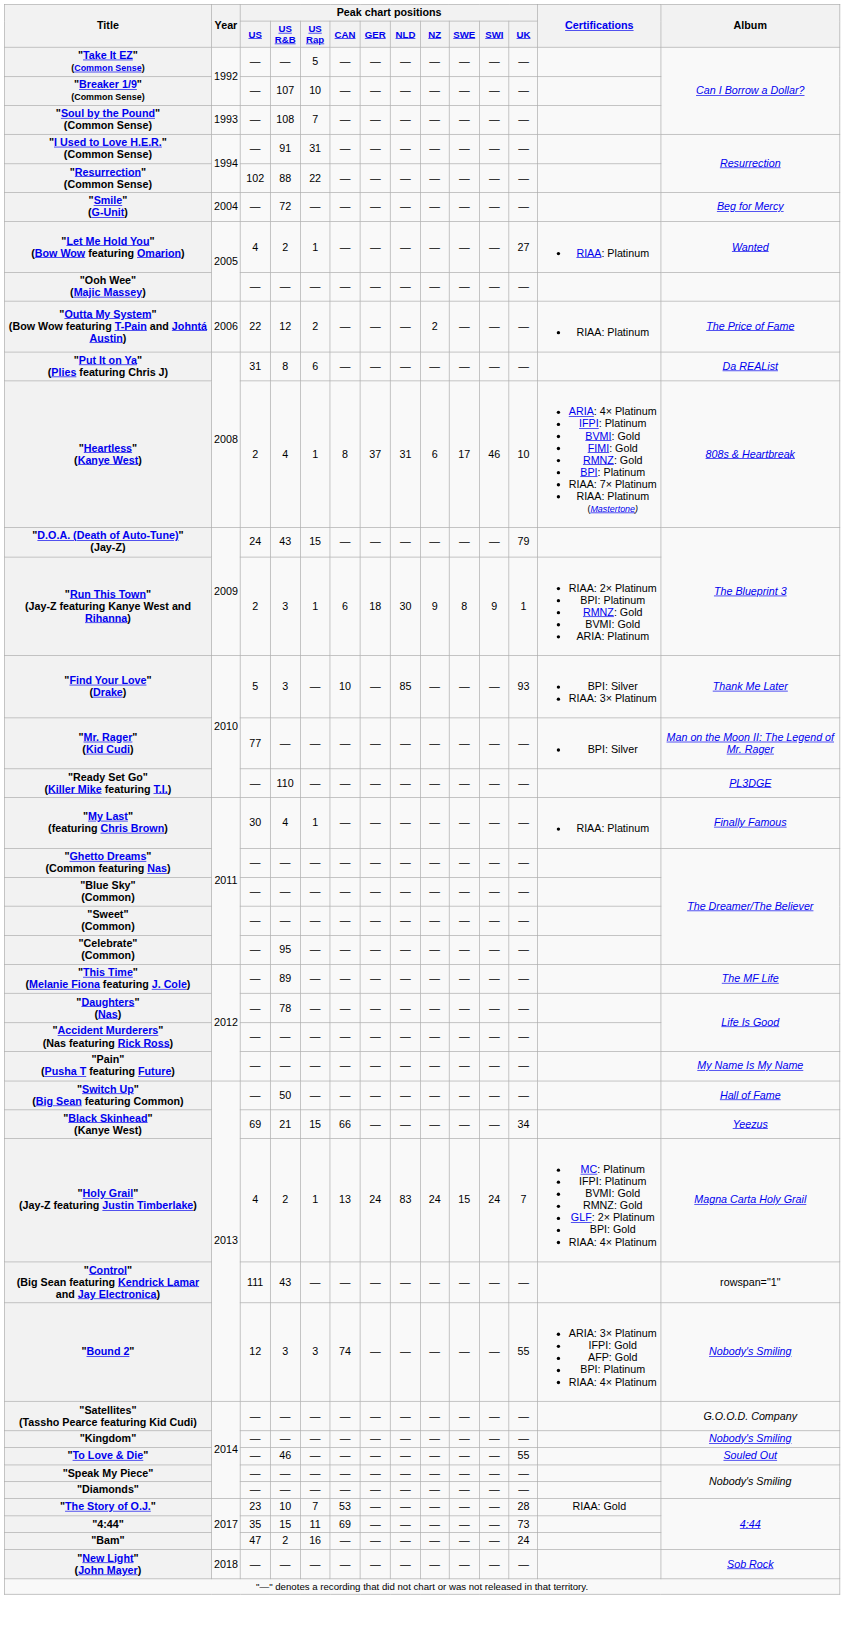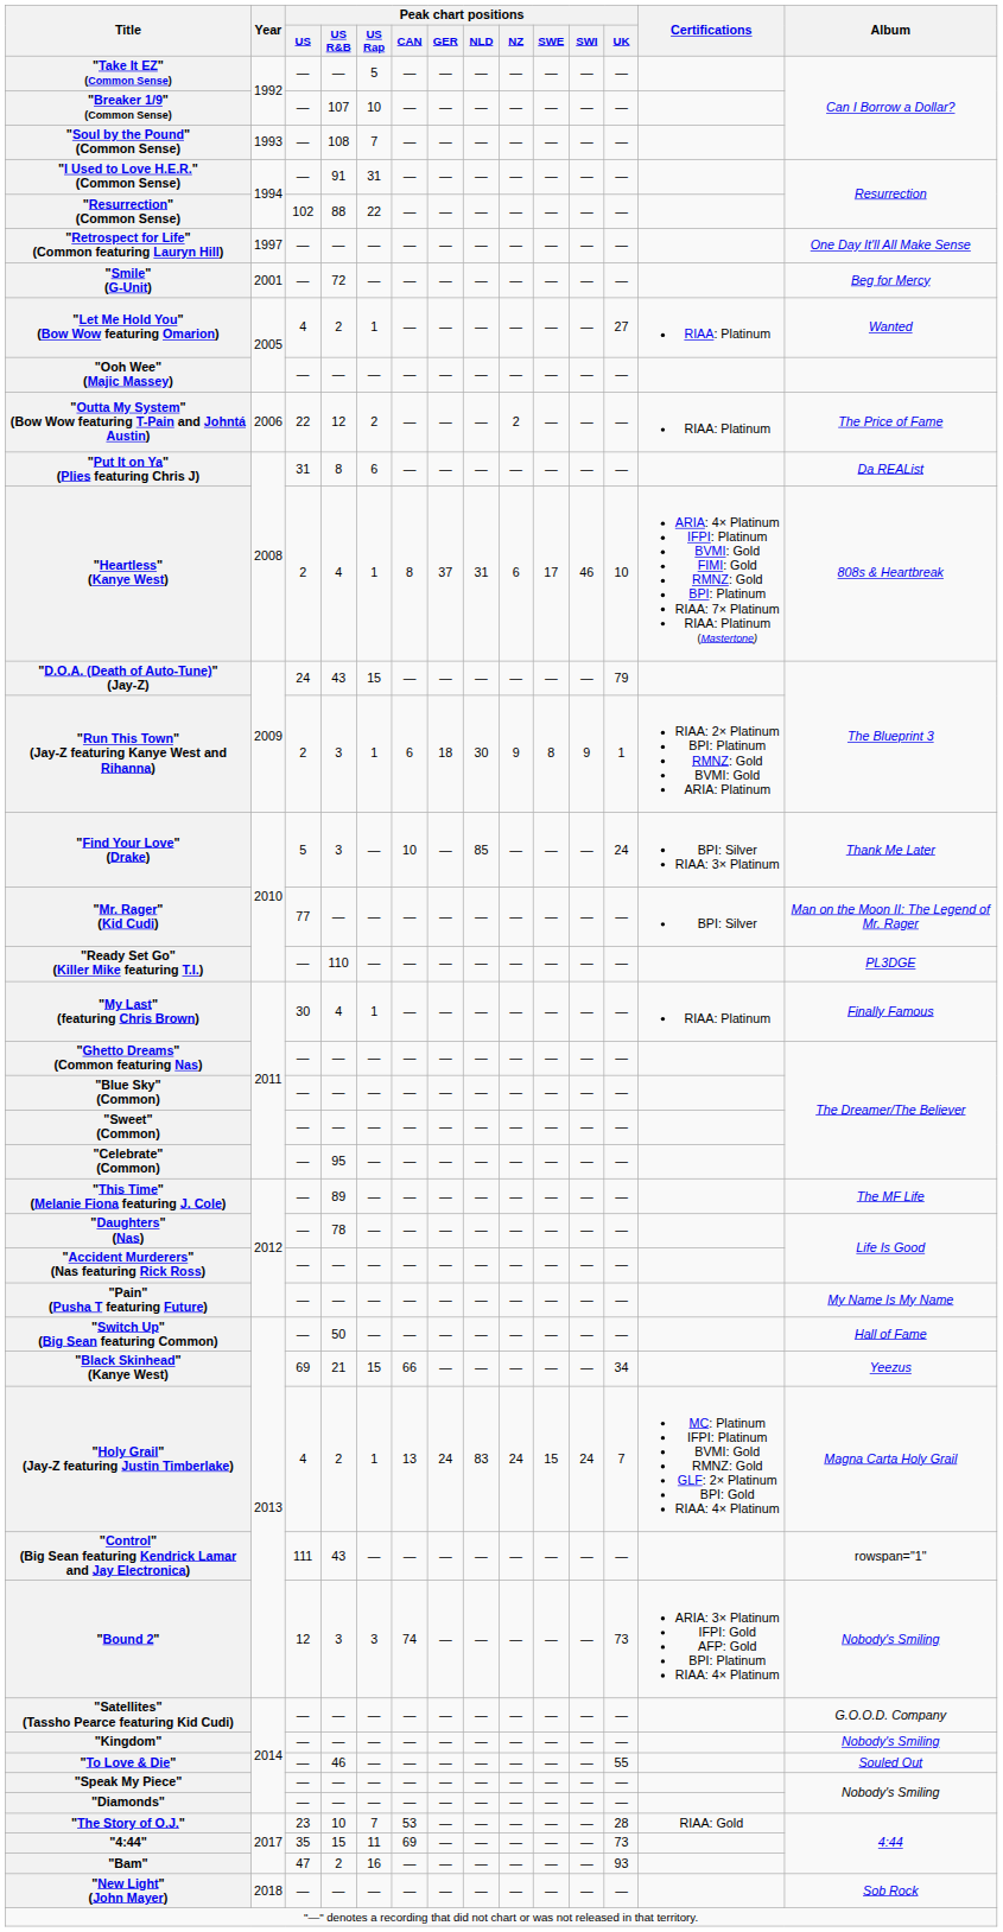 <table class="wikitable plainrowheaders" style="text-align:center;">
 <tr>
 <th scope="col" rowspan="2" style="width:22em;">Title</th>
 <th scope="col" rowspan="2">Year</th>
 <th scope="col" colspan="10">Peak chart positions</th>
 <th scope="col" rowspan="2" style="width:12em;"><a href='#'>Certifications</a></th>
 <th scope="col" rowspan="2" style="width:19em;">Album</th>
 </tr>
 <tr>
 <th scope="col" style="width:2.8em;font-size:90%;"><a href='#'>US</a></th>
 <th scope="col" style="width:2.8em;font-size:90%;"><a href='#'>US<br>R&B</a></th>
 <th scope="col" style="width:2.8em;font-size:90%;"><a href='#'>US<br>Rap</a></th>
 <th scope="col" style="width:2.8em;font-size:90%;"><a href='#'>CAN</a></th>
 <th scope="col" style="width:2.8em;font-size:90%;"><a href='#'>GER</a></th>
 <th scope="col" style="width:2.8em;font-size:90%;"><a href='#'>NLD</a></th>
 <th scope="col" style="width:2.8em;font-size:90%;"><a href='#'>NZ</a></th>
 <th scope="col" style="width:2.8em;font-size:90%;"><a href='#'>SWE</a></th>
 <th scope="col" style="width:2.8em;font-size:90%;"><a href='#'>SWI</a></th>
 <th scope="col" style="width:2.8em;font-size:90%;"><a href='#'>UK</a></th>
 </tr>
 <tr>
 <th scope="row">"<a href='#'>Take It EZ</a>"<br><small>(<a href='#'>Common Sense</a>)</small></th>
 <td rowspan="2">1992</td>
 <td>—</td>
 <td>—</td>
 <td>5</td>
 <td>—</td>
 <td>—</td>
 <td>—</td>
 <td>—</td>
 <td>—</td>
 <td>—</td>
 <td>—</td>
 <td></td>
 <td rowspan="3"><em><a href='#'>Can I Borrow a Dollar?</a></em></td>
 </tr>
 <tr>
 <th scope="row">"<a href='#'>Breaker 1/9</a>"<br><small>(Common Sense)</small></th>
 <td>—</td>
 <td>107</td>
 <td>10</td>
 <td>—</td>
 <td>—</td>
 <td>—</td>
 <td>—</td>
 <td>—</td>
 <td>—</td>
 <td>—</td>
 <td></td>
 </tr>
 <tr>
 <th scope="row">"<a href='#'>Soul by the Pound</a>"<br><span>(Common Sense)</span></th>
 <td>1993</td>
 <td>—</td>
 <td>108</td>
 <td>7</td>
 <td>—</td>
 <td>—</td>
 <td>—</td>
 <td>—</td>
 <td>—</td>
 <td>—</td>
 <td>—</td>
 <td></td>
 </tr>
 <tr>
 <th scope="row">"<a href='#'>I Used to Love H.E.R.</a>"<br><span>(Common Sense)</span></th>
 <td rowspan="2">1994</td>
 <td>—</td>
 <td>91</td>
 <td>31</td>
 <td>—</td>
 <td>—</td>
 <td>—</td>
 <td>—</td>
 <td>—</td>
 <td>—</td>
 <td>—</td>
 <td></td>
 <td rowspan="2"><em><a href='#'>Resurrection</a></em></td>
 </tr>
 <tr>
 <th scope="row">"<a href='#'>Resurrection</a>"<br><span>(Common Sense)</span></th>
 <td>102</td>
 <td>88</td>
 <td>22</td>
 <td>—</td>
 <td>—</td>
 <td>—</td>
 <td>—</td>
 <td>—</td>
 <td>—</td>
 <td>—</td>
 <td></td>
 </tr>
 <tr>
+<th scope="row">"<a href='#'>Retrospect for Life</a>"<br><span>(Common featuring <a href='#'>Lauryn Hill</a>)</span></th>
+<td>1997</td>
+<td>—</td>
+<td>—</td>
+<td>—</td>
+<td>—</td>
+<td>—</td>
+<td>—</td>
+<td>—</td>
+<td>—</td>
+<td>—</td>
+<td>—</td>
+<td></td>
+<td><em><a href='#'>One Day It'll All Make Sense</a></em></td>
+</tr>
+<tr>
 <th scope="row">"<a href='#'>Smile</a>"<br><span>(<a href='#'>G-Unit</a>)</span></th>
-<td>2004</td>
+<td>2001</td>
 <td>—</td>
 <td>72</td>
 <td>—</td>
 <td>—</td>
 <td>—</td>
 <td>—</td>
 <td>—</td>
 <td>—</td>
 <td>—</td>
 <td>—</td>
 <td></td>
 <td><em><a href='#'>Beg for Mercy</a></em></td>
 </tr>
 <tr>
 <th scope="row">"<a href='#'>Let Me Hold You</a>"<br><span>(<a href='#'>Bow Wow</a> featuring <a href='#'>Omarion</a>)</span></th>
 <td rowspan="2">2005</td>
 <td>4</td>
 <td>2</td>
 <td>1</td>
 <td>—</td>
 <td>—</td>
 <td>—</td>
 <td>—</td>
 <td>—</td>
 <td>—</td>
 <td>27</td>
 <td><br><ul><li><a href='#'>RIAA</a>: Platinum</li></ul></td>
 <td><em><a href='#'>Wanted</a></em></td>
 </tr>
 <tr>
 <th scope="row">"Ooh Wee"<br><span>(<a href='#'>Majic Massey</a>)</span></th>
 <td>—</td>
 <td>—</td>
 <td>—</td>
 <td>—</td>
 <td>—</td>
 <td>—</td>
 <td>—</td>
 <td>—</td>
 <td>—</td>
 <td>—</td>
 <td></td>
 <td></td>
 </tr>
 <tr>
 <th scope="row">"<a href='#'>Outta My System</a>"<br><span>(Bow Wow featuring <a href='#'>T-Pain</a> and <a href='#'>Johntá Austin</a>)</span></th>
 <td>2006</td>
 <td>22</td>
 <td>12</td>
 <td>2</td>
 <td>—</td>
 <td>—</td>
 <td>—</td>
 <td>2</td>
 <td>—</td>
 <td>—</td>
 <td>—</td>
 <td><br><ul><li>RIAA: Platinum</li></ul></td>
 <td><em><a href='#'>The Price of Fame</a></em></td>
 </tr>
 <tr>
 <th scope="row">"<a href='#'>Put It on Ya</a>"<br><span>(<a href='#'>Plies</a> featuring Chris J)</span></th>
 <td rowspan="2">2008</td>
 <td>31</td>
 <td>8</td>
 <td>6</td>
 <td>—</td>
 <td>—</td>
 <td>—</td>
 <td>—</td>
 <td>—</td>
 <td>—</td>
 <td>—</td>
 <td></td>
 <td><em><a href='#'>Da REAList</a></em></td>
 </tr>
 <tr>
 <th scope="row">"<a href='#'>Heartless</a>"<br><span>(<a href='#'>Kanye West</a>)</span></th>
 <td>2</td>
 <td>4</td>
 <td>1</td>
 <td>8</td>
 <td>37</td>
 <td>31</td>
 <td>6</td>
 <td>17</td>
 <td>46</td>
 <td>10</td>
 <td><br><ul><li><a href='#'>ARIA</a>: 4× Platinum</li><li><a href='#'>IFPI</a>: Platinum</li><li><a href='#'>BVMI</a>: Gold</li><li><a href='#'>FIMI</a>: Gold</li><li><a href='#'>RMNZ</a>: Gold</li><li><a href='#'>BPI</a>: Platinum</li><li>RIAA: 7× Platinum</li><li>RIAA: Platinum          <small>(<em><a href='#'>Mastertone</a>)</em></small></li></ul></td>
 <td><em><a href='#'>808s & Heartbreak</a></em></td>
 </tr>
 <tr>
 <th scope="row">"<a href='#'>D.O.A. (Death of Auto-Tune)</a>"<br><span>(Jay-Z)</span></th>
 <td rowspan="2">2009</td>
 <td>24</td>
 <td>43</td>
 <td>15</td>
 <td>—</td>
 <td>—</td>
 <td>—</td>
 <td>—</td>
 <td>—</td>
 <td>—</td>
 <td>79</td>
 <td></td>
 <td rowspan="2"><em><a href='#'>The Blueprint 3</a></em></td>
 </tr>
 <tr>
 <th scope="row">"<a href='#'>Run This Town</a>"<br><span>(Jay-Z featuring Kanye West and <a href='#'>Rihanna</a>)</span></th>
 <td>2</td>
 <td>3</td>
 <td>1</td>
 <td>6</td>
 <td>18</td>
 <td>30</td>
 <td>9</td>
 <td>8</td>
 <td>9</td>
 <td>1</td>
 <td><br><ul><li>RIAA: 2× Platinum</li><li>BPI: Platinum</li><li><a href='#'>RMNZ</a>: Gold</li><li>BVMI: Gold</li><li>ARIA: Platinum</li></ul></td>
 </tr>
 <tr>
 <th scope="row">"<a href='#'>Find Your Love</a>"<br><span>(<a href='#'>Drake</a>)</span></th>
 <td rowspan="3">2010</td>
 <td>5</td>
 <td>3</td>
 <td>—</td>
 <td>10</td>
 <td>—</td>
 <td>85</td>
 <td>—</td>
 <td>—</td>
 <td>—</td>
-<td>93</td>
+<td>24</td>
 <td><br><ul><li>BPI: Silver</li><li>RIAA: 3× Platinum</li></ul></td>
 <td><em><a href='#'>Thank Me Later</a></em></td>
 </tr>
 <tr>
 <th scope="row">"<a href='#'>Mr. Rager</a>"<br><span>(<a href='#'>Kid Cudi</a>)</span></th>
 <td>77</td>
 <td>—</td>
 <td>—</td>
 <td>—</td>
 <td>—</td>
 <td>—</td>
 <td>—</td>
 <td>—</td>
 <td>—</td>
 <td>—</td>
 <td><br><ul><li>BPI: Silver</li></ul></td>
 <td><em><a href='#'>Man on the Moon II: The Legend of Mr. Rager</a></em></td>
 </tr>
 <tr>
 <th scope="row">"Ready Set Go"<br><span>(<a href='#'>Killer Mike</a> featuring <a href='#'>T.I.</a>)</span></th>
 <td>—</td>
 <td>110</td>
 <td>—</td>
 <td>—</td>
 <td>—</td>
 <td>—</td>
 <td>—</td>
 <td>—</td>
 <td>—</td>
 <td>—</td>
 <td></td>
 <td><em><a href='#'>PL3DGE</a></em></td>
 </tr>
 <tr>
 <th scope="row">"<a href='#'>My Last</a>"<br><span>(featuring <a href='#'>Chris Brown</a>)</span></th>
 <td rowspan="5">2011</td>
 <td>30</td>
 <td>4</td>
 <td>1</td>
 <td>—</td>
 <td>—</td>
 <td>—</td>
 <td>—</td>
 <td>—</td>
 <td>—</td>
 <td>—</td>
 <td><br><ul><li>RIAA: Platinum</li></ul></td>
 <td><em><a href='#'>Finally Famous</a></em></td>
 </tr>
 <tr>
 <th scope="row">"<a href='#'>Ghetto Dreams</a>"<br><span>(Common featuring <a href='#'>Nas</a>)</span></th>
 <td>—</td>
 <td>—</td>
 <td>—</td>
 <td>—</td>
 <td>—</td>
 <td>—</td>
 <td>—</td>
 <td>—</td>
 <td>—</td>
 <td>—</td>
 <td></td>
 <td rowspan="4"><em><a href='#'>The Dreamer/The Believer</a></em></td>
 </tr>
 <tr>
 <th scope="row">"Blue Sky"<br><span>(Common)</span></th>
 <td>—</td>
 <td>—</td>
 <td>—</td>
 <td>—</td>
 <td>—</td>
 <td>—</td>
 <td>—</td>
 <td>—</td>
 <td>—</td>
 <td>—</td>
 <td></td>
 </tr>
 <tr>
 <th scope="row">"Sweet"<br><span>(Common)</span></th>
 <td>—</td>
 <td>—</td>
 <td>—</td>
 <td>—</td>
 <td>—</td>
 <td>—</td>
 <td>—</td>
 <td>—</td>
 <td>—</td>
 <td>—</td>
 <td></td>
 </tr>
 <tr>
 <th scope="row">"Celebrate"<br><span>(Common)</span></th>
 <td>—</td>
 <td>95</td>
 <td>—</td>
 <td>—</td>
 <td>—</td>
 <td>—</td>
 <td>—</td>
 <td>—</td>
 <td>—</td>
 <td>—</td>
 <td></td>
 </tr>
 <tr>
 <th scope="row">"<a href='#'>This Time</a>"<br><span>(<a href='#'>Melanie Fiona</a> featuring <a href='#'>J. Cole</a>)</span></th>
 <td rowspan="4">2012</td>
 <td>—</td>
 <td>89</td>
 <td>—</td>
 <td>—</td>
 <td>—</td>
 <td>—</td>
 <td>—</td>
 <td>—</td>
 <td>—</td>
 <td>—</td>
 <td></td>
 <td><em><a href='#'>The MF Life</a></em></td>
 </tr>
 <tr>
 <th scope="row">"<a href='#'>Daughters</a>"<br><span>(<a href='#'>Nas</a>)</span></th>
 <td>—</td>
 <td>78</td>
 <td>—</td>
 <td>—</td>
 <td>—</td>
 <td>—</td>
 <td>—</td>
 <td>—</td>
 <td>—</td>
 <td>—</td>
 <td></td>
 <td rowspan="2"><em><a href='#'>Life Is Good</a></em></td>
 </tr>
 <tr>
 <th scope="row">"<a href='#'>Accident Murderers</a>"<br><span>(Nas featuring <a href='#'>Rick Ross</a>)</span></th>
 <td>—</td>
 <td>—</td>
 <td>—</td>
 <td>—</td>
 <td>—</td>
 <td>—</td>
 <td>—</td>
 <td>—</td>
 <td>—</td>
 <td>—</td>
 <td></td>
 </tr>
 <tr>
 <th scope="row">"Pain"<br><span>(<a href='#'>Pusha T</a> featuring <a href='#'>Future</a>)</span></th>
 <td>—</td>
 <td>—</td>
 <td>—</td>
 <td>—</td>
 <td>—</td>
 <td>—</td>
 <td>—</td>
 <td>—</td>
 <td>—</td>
 <td>—</td>
 <td></td>
 <td><em><a href='#'>My Name Is My Name</a></em></td>
 </tr>
 <tr>
 <th scope="row">"<a href='#'>Switch Up</a>"<br><span>(<a href='#'>Big Sean</a> featuring Common)</span></th>
 <td rowspan="5">2013</td>
 <td>—</td>
 <td>50</td>
 <td>—</td>
 <td>—</td>
 <td>—</td>
 <td>—</td>
 <td>—</td>
 <td>—</td>
 <td>—</td>
 <td>—</td>
 <td></td>
 <td><em><a href='#'>Hall of Fame</a></em></td>
 </tr>
 <tr>
 <th scope="row">"<a href='#'>Black Skinhead</a>"<br><span>(Kanye West)</span></th>
 <td>69</td>
 <td>21</td>
 <td>15</td>
 <td>66</td>
 <td>—</td>
 <td>—</td>
 <td>—</td>
 <td>—</td>
 <td>—</td>
 <td>34</td>
 <td></td>
 <td><em><a href='#'>Yeezus</a></em></td>
 </tr>
 <tr>
 <th scope="row">"<a href='#'>Holy Grail</a>"<br><span>(Jay-Z featuring <a href='#'>Justin Timberlake</a>)</span></th>
 <td>4</td>
 <td>2</td>
 <td>1</td>
 <td>13</td>
 <td>24</td>
 <td>83</td>
 <td>24</td>
 <td>15</td>
 <td>24</td>
 <td>7</td>
 <td><br><ul><li><a href='#'>MC</a>: Platinum</li><li>IFPI: Platinum</li><li>BVMI: Gold</li><li>RMNZ: Gold</li><li><a href='#'>GLF</a>: 2× Platinum</li><li>BPI: Gold</li><li>RIAA: 4× Platinum</li></ul></td>
 <td><em><a href='#'>Magna Carta Holy Grail</a></em></td>
 </tr>
 <tr>
 <th scope="row">"<a href='#'>Control</a>"<br><span>(Big Sean featuring <a href='#'>Kendrick Lamar</a> and <a href='#'>Jay Electronica</a>)</span></th>
 <td>111</td>
 <td>43</td>
 <td>—</td>
 <td>—</td>
 <td>—</td>
 <td>—</td>
 <td>—</td>
 <td>—</td>
 <td>—</td>
 <td>—</td>
 <td></td>
 <td>rowspan="1" </td>
 </tr>
 <tr>
 <th scope="row">"<a href='#'>Bound 2</a>"</th>
 <td>12</td>
 <td>3</td>
 <td>3</td>
 <td>74</td>
 <td>—</td>
 <td>—</td>
 <td>—</td>
 <td>—</td>
 <td>—</td>
-<td>55</td>
+<td>73</td>
 <td><br><ul><li>ARIA: 3× Platinum</li><li>IFPI: Gold</li><li>AFP: Gold</li><li>BPI: Platinum</li><li>RIAA: 4× Platinum</li></ul></td>
 <td><em><a href='#'>Nobody's Smiling</a></em></td>
 </tr>
 <tr>
 <th scope="row">"Satellites"<br><span>(Tassho Pearce featuring Kid Cudi)</span></th>
 <td rowspan="5">2014</td>
 <td>—</td>
 <td>—</td>
 <td>—</td>
 <td>—</td>
 <td>—</td>
 <td>—</td>
 <td>—</td>
 <td>—</td>
 <td>—</td>
 <td>—</td>
 <td></td>
 <td><em>G.O.O.D. Company</em></td>
 </tr>
 <tr>
 <th scope="row">"Kingdom"<br></th>
 <td>—</td>
 <td>—</td>
 <td>—</td>
 <td>—</td>
 <td>—</td>
 <td>—</td>
 <td>—</td>
 <td>—</td>
 <td>—</td>
 <td>—</td>
 <td></td>
 <td><em><a href='#'>Nobody's Smiling</a></em></td>
 </tr>
 <tr>
 <th scope="row">"<a href='#'>To Love & Die</a>"<br></th>
 <td>—</td>
 <td>46</td>
 <td>—</td>
 <td>—</td>
 <td>—</td>
 <td>—</td>
 <td>—</td>
 <td>—</td>
 <td>—</td>
 <td>55</td>
 <td></td>
 <td><a href='#'><em>Souled Out</em></a></td>
 </tr>
 <tr>
 <th scope="row">"Speak My Piece"<br></th>
 <td>—</td>
 <td>—</td>
 <td>—</td>
 <td>—</td>
 <td>—</td>
 <td>—</td>
 <td>—</td>
 <td>—</td>
 <td>—</td>
 <td>—</td>
 <td></td>
 <td rowspan="2"><em>Nobody's Smiling</em></td>
 </tr>
 <tr>
 <th scope="row">"Diamonds"<br></th>
 <td>—</td>
 <td>—</td>
 <td>—</td>
 <td>—</td>
 <td>—</td>
 <td>—</td>
 <td>—</td>
 <td>—</td>
 <td>—</td>
 <td>—</td>
 <td></td>
 </tr>
 <tr>
 <th scope="row">"<a href='#'>The Story of O.J.</a>"<br></th>
 <td rowspan="3">2017</td>
 <td>23</td>
 <td>10</td>
 <td>7</td>
 <td>53</td>
 <td>—</td>
 <td>—</td>
 <td>—</td>
 <td>—</td>
 <td>—</td>
 <td>28</td>
 <td>RIAA: Gold</td>
 <td rowspan="3"><em><a href='#'>4:44</a></em></td>
 </tr>
 <tr>
 <th scope="row">"4:44"<br></th>
 <td>35</td>
 <td>15</td>
 <td>11</td>
 <td>69</td>
 <td>—</td>
 <td>—</td>
 <td>—</td>
 <td>—</td>
 <td>—</td>
 <td>73</td>
 <td></td>
 </tr>
 <tr>
 <th scope="row">"Bam"<br></th>
 <td>47</td>
 <td>2</td>
 <td>16</td>
 <td>—</td>
 <td>—</td>
 <td>—</td>
 <td>—</td>
 <td>—</td>
 <td>—</td>
-<td>24</td>
+<td>93</td>
 <td></td>
 </tr>
 <tr>
 <th scope="row">"<a href='#'>New Light</a>"<br><span>(<a href='#'>John Mayer</a>)</span></th>
 <td rowspan="1">2018</td>
 <td>—</td>
 <td>—</td>
 <td>—</td>
 <td>—</td>
 <td>—</td>
 <td>—</td>
 <td>—</td>
 <td>—</td>
 <td>—</td>
 <td>—</td>
 <td></td>
 <td><em><a href='#'>Sob Rock</a></em></td>
 </tr>
 <tr>
 <td colspan="14" style="font-size:90%">"—" denotes a recording that did not chart or was not released in that territory.</td>
 </tr>
 </table>
